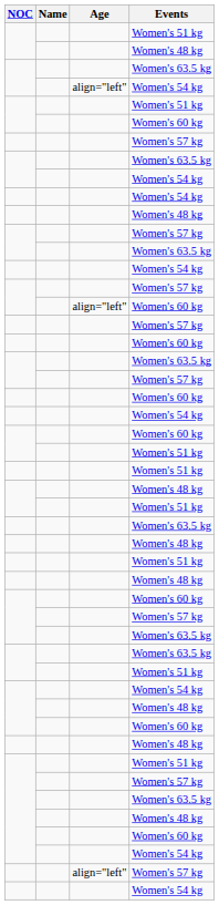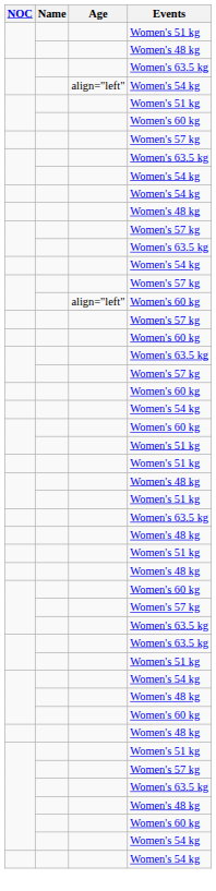 <table class="wikitable sortable">
 <tr>
 <th><a href='#'>NOC</a></th>
 <th>Name</th>
 <th>Age</th>
 <th>Events</th>
 </tr>
 <tr>
 <td align="left" rowspan="2"></td>
 <td align="left"></td>
 <td align="left"></td>
 <td align="left"><a href='#'>Women's 51 kg</a></td>
 </tr>
 <tr>
 <td align="left"></td>
 <td align="left"></td>
 <td align="left"><a href='#'>Women's 48 kg</a></td>
 </tr>
 <tr>
 <td align="left" rowspan="2"></td>
 <td align="left"></td>
 <td align="left"></td>
 <td align="left"><a href='#'>Women's 63.5 kg</a></td>
 </tr>
 <tr>
 <td align="left"></td>
 <td>align="left" </td>
 <td align="left"><a href='#'>Women's 54 kg</a></td>
 </tr>
 <tr>
 <td align="left" rowspan="2"></td>
 <td align="left"></td>
 <td align="left"></td>
 <td align="left"><a href='#'>Women's 51 kg</a></td>
 </tr>
 <tr>
 <td align="left"></td>
 <td align="left"></td>
 <td align="left"><a href='#'>Women's 60 kg</a></td>
 </tr>
 <tr>
 <td align="left" rowspan="1"></td>
 <td align="left"></td>
 <td align="left"></td>
 <td align="left"><a href='#'>Women's 57 kg</a></td>
 </tr>
 <tr>
 <td align="left" rowspan="2"></td>
 <td align="left"></td>
 <td align="left"></td>
 <td align="left"><a href='#'>Women's 63.5 kg</a></td>
 </tr>
 <tr>
 <td align="left"></td>
 <td align="left"></td>
 <td align="left"><a href='#'>Women's 54 kg</a></td>
 </tr>
 <tr>
 <td align="left" rowspan="1"></td>
 <td align="left"></td>
 <td align="left"></td>
 <td align="left"><a href='#'>Women's 54 kg</a></td>
 </tr>
 <tr>
 <td align="left" rowspan="1"></td>
 <td align="left"></td>
 <td align="left"></td>
 <td align="left"><a href='#'>Women's 48 kg</a></td>
 </tr>
 <tr>
 <td align="left" rowspan="2"></td>
 <td align="left"></td>
 <td align="left"></td>
 <td align="left"><a href='#'>Women's 57 kg</a></td>
 </tr>
 <tr>
 <td align="left"></td>
 <td align="left"></td>
 <td align="left"><a href='#'>Women's 63.5 kg</a></td>
 </tr>
 <tr>
 <td align="left" rowspan="1"></td>
 <td align="left"></td>
 <td align="left"></td>
 <td align="left"><a href='#'>Women's 54 kg</a></td>
 </tr>
 <tr>
 <td align="left" rowspan="2"></td>
 <td align="left"></td>
 <td align="left"></td>
 <td align="left"><a href='#'>Women's 57 kg</a></td>
 </tr>
 <tr>
 <td align="left"></td>
 <td>align="left" </td>
 <td align="left"><a href='#'>Women's 60 kg</a></td>
 </tr>
 <tr>
 <td align="left" rowspan="1"></td>
 <td align="left"></td>
 <td align="left"></td>
 <td align="left"><a href='#'>Women's 57 kg</a></td>
 </tr>
 <tr>
 <td align="left" rowspan="1"></td>
 <td align="left"></td>
 <td align="left"></td>
 <td align="left"><a href='#'>Women's 60 kg</a></td>
 </tr>
 <tr>
 <td align="left" rowspan="2"></td>
 <td align="left"></td>
 <td align="left"></td>
 <td align="left"><a href='#'>Women's 63.5 kg</a></td>
 </tr>
 <tr>
 <td align="left"></td>
 <td align="left"></td>
 <td align="left"><a href='#'>Women's 57 kg</a></td>
 </tr>
 <tr>
 <td align="left" rowspan="1"></td>
 <td align="left"></td>
 <td align="left"></td>
 <td align="left"><a href='#'>Women's 60 kg</a></td>
 </tr>
 <tr>
 <td align="left" rowspan="1"></td>
 <td align="left"></td>
 <td align="left"></td>
 <td align="left"><a href='#'>Women's 54 kg</a></td>
 </tr>
 <tr>
 <td align="left" rowspan="2"></td>
 <td align="left"></td>
 <td align="left"></td>
 <td align="left"><a href='#'>Women's 60 kg</a></td>
 </tr>
 <tr>
 <td align="left"></td>
 <td align="left"></td>
 <td align="left"><a href='#'>Women's 51 kg</a></td>
 </tr>
 <tr>
 <td align="left" rowspan="1"></td>
 <td align="left"></td>
 <td align="left"></td>
 <td align="left"><a href='#'>Women's 51 kg</a></td>
 </tr>
 <tr>
 <td align="left" rowspan="2"></td>
 <td align="left"></td>
 <td align="left"></td>
 <td align="left"><a href='#'>Women's 48 kg</a></td>
 </tr>
 <tr>
 <td align="left"></td>
 <td align="left"></td>
 <td align="left"><a href='#'>Women's 51 kg</a></td>
 </tr>
 <tr>
 <td align="left" rowspan="1"></td>
 <td align="left"></td>
 <td align="left"></td>
 <td align="left"><a href='#'>Women's 63.5 kg</a></td>
 </tr>
 <tr>
 <td align="left" rowspan="1"></td>
 <td align="left"></td>
 <td align="left"></td>
 <td align="left"><a href='#'>Women's 48 kg</a></td>
 </tr>
 <tr>
 <td align="left" rowspan="1"></td>
 <td align="left"></td>
 <td align="left"></td>
 <td align="left"><a href='#'>Women's 51 kg</a></td>
 </tr>
 <tr>
 <td align="left" rowspan="1"></td>
 <td align="left"></td>
 <td align="left"></td>
 <td align="left"><a href='#'>Women's 48 kg</a></td>
 </tr>
 <tr>
 <td align="left" rowspan="3"></td>
 <td align="left"></td>
 <td align="left"></td>
 <td align="left"><a href='#'>Women's 60 kg</a></td>
 </tr>
 <tr>
 <td align="left"></td>
 <td align="left"></td>
 <td align="left"><a href='#'>Women's 57 kg</a></td>
 </tr>
 <tr>
 <td align="left"></td>
 <td align="left"></td>
 <td align="left"><a href='#'>Women's 63.5 kg</a></td>
 </tr>
 <tr>
 <td align="left" rowspan="2"></td>
 <td align="left"></td>
 <td align="left"></td>
 <td align="left"><a href='#'>Women's 63.5 kg</a></td>
 </tr>
 <tr>
 <td align="left"></td>
 <td align="left"></td>
 <td align="left"><a href='#'>Women's 51 kg</a></td>
 </tr>
 <tr>
 <td align="left" rowspan="3"></td>
 <td align="left"></td>
 <td align="left"></td>
 <td align="left"><a href='#'>Women's 54 kg</a></td>
 </tr>
 <tr>
 <td align="left"></td>
 <td align="left"></td>
 <td align="left"><a href='#'>Women's 48 kg</a></td>
 </tr>
 <tr>
 <td align="left"></td>
 <td align="left"></td>
 <td align="left"><a href='#'>Women's 60 kg</a></td>
 </tr>
 <tr>
 <td align="left" rowspan="1"></td>
 <td align="left"></td>
 <td align="left"></td>
 <td align="left"><a href='#'>Women's 48 kg</a></td>
 </tr>
 <tr>
 <td align="left" rowspan="6"></td>
 <td align="left"></td>
 <td align="left"></td>
 <td align="left"><a href='#'>Women's 51 kg</a></td>
 </tr>
 <tr>
 <td align="left"></td>
 <td align="left"></td>
 <td align="left"><a href='#'>Women's 57 kg</a></td>
 </tr>
 <tr>
 <td align="left"></td>
 <td align="left"></td>
 <td align="left"><a href='#'>Women's 63.5 kg</a></td>
 </tr>
 <tr>
 <td align="left"></td>
 <td align="left"></td>
 <td align="left"><a href='#'>Women's 48 kg</a></td>
 </tr>
 <tr>
 <td align="left"></td>
 <td align="left"></td>
 <td align="left"><a href='#'>Women's 60 kg</a></td>
 </tr>
 <tr>
 <td align="left"></td>
 <td align="left"></td>
 <td align="left"><a href='#'>Women's 54 kg</a></td>
 </tr>
 <tr>
 <td align="left" rowspan="1"></td>
 <td align="left"></td>
-<td>align="left" </td>
-<td align="left"><a href='#'>Women's 57 kg</a></td>
-</tr>
-<tr>
-<td align="left" rowspan="1"></td>
-<td align="left"></td>
 <td align="left"></td>
 <td align="left"><a href='#'>Women's 54 kg</a></td>
 </tr>
 </table>
